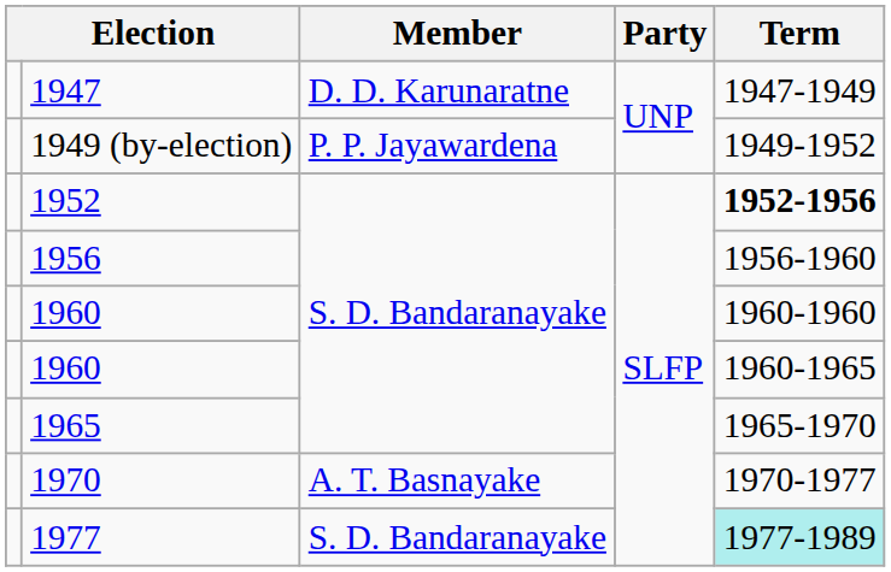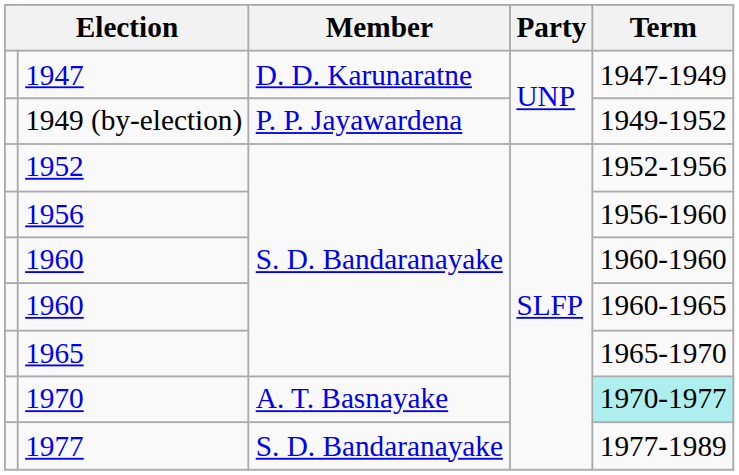 <table class="wikitable">
 <tr>
 <th colspan="2">Election</th>
 <th>Member</th>
 <th>Party</th>
 <th>Term</th>
 </tr>
 <tr>
 <td style="background-color: "></td>
 <td><a href='#'>1947</a></td>
 <td><a href='#'>D. D. Karunaratne</a></td>
 <td rowspan=2><a href='#'>UNP</a></td>
 <td>1947-1949</td>
 </tr>
 <tr>
 <td style="background-color: "></td>
 <td>1949 (by-election)</td>
 <td><a href='#'>P. P. Jayawardena</a></td>
 <td>1949-1952</td>
 </tr>
 <tr>
 <td style="background-color: "></td>
 <td><a href='#'>1952</a></td>
 <td rowspan=5><a href='#'>S. D. Bandaranayake</a></td>
 <td rowspan=7><a href='#'>SLFP</a></td>
-<td><strong>1952-1956</strong></td>
+<td>1952-1956</td>
 </tr>
 <tr>
 <td style="background-color: "></td>
 <td><a href='#'>1956</a></td>
 <td>1956-1960</td>
 </tr>
 <tr>
 <td style="background-color: "></td>
 <td><a href='#'>1960</a></td>
 <td>1960-1960</td>
 </tr>
 <tr>
 <td style="background-color: "></td>
 <td><a href='#'>1960</a></td>
 <td>1960-1965</td>
 </tr>
 <tr>
 <td style="background-color: "></td>
 <td><a href='#'>1965</a></td>
 <td>1965-1970</td>
 </tr>
 <tr>
 <td style="background-color: "></td>
 <td><a href='#'>1970</a></td>
 <td><a href='#'>A. T. Basnayake</a></td>
-<td>1970-1977</td>
+<td style="background: paleturquoise;">1970-1977</td>
 </tr>
 <tr>
 <td style="background-color: "></td>
 <td><a href='#'>1977</a></td>
 <td><a href='#'>S. D. Bandaranayake</a></td>
-<td style="background: paleturquoise;">1977-1989</td>
+<td>1977-1989</td>
 </tr>
 </table>
